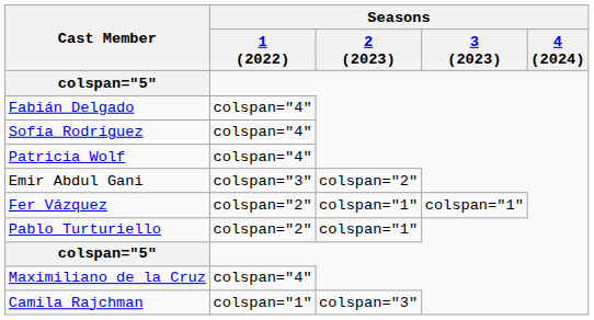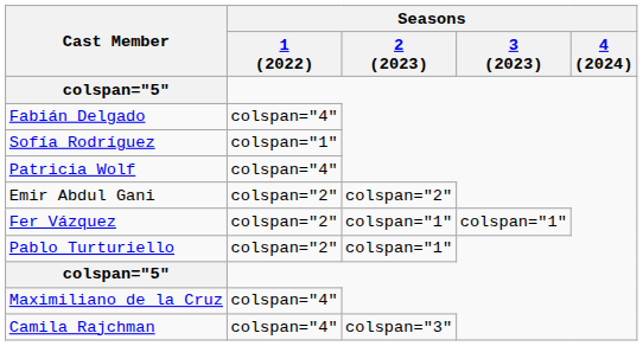 <table class="wikitable">
 <tr>
 <th rowspan="2">Cast Member</th>
 <th colspan="4">Seasons</th>
 </tr>
 <tr>
 <th><a href='#'>1</a><br>(2022)</th>
 <th><a href='#'>2</a><br>(2023)</th>
 <th><a href='#'>3</a><br>(2023)</th>
 <th><a href='#'>4</a><br>(2024)</th>
 </tr>
 <tr>
 <th>colspan="5" </th>
 </tr>
 <tr>
 <td><a href='#'>Fabián Delgado</a></td>
 <td>colspan="4" </td>
 </tr>
 <tr>
 <td><a href='#'>Sofía Rodríguez</a></td>
-<td>colspan="4" </td>
+<td>colspan="1" </td>
 </tr>
 <tr>
 <td><a href='#'>Patricia Wolf</a></td>
 <td>colspan="4" </td>
 </tr>
 <tr>
 <td>Emir Abdul Gani</td>
-<td>colspan="3" </td>
+<td>colspan="2" </td>
 <td>colspan="2" </td>
 </tr>
 <tr>
 <td><a href='#'>Fer Vázquez</a></td>
 <td>colspan="2" </td>
 <td>colspan="1" </td>
 <td>colspan="1" </td>
 </tr>
 <tr>
 <td><a href='#'>Pablo Turturiello</a></td>
 <td>colspan="2" </td>
 <td>colspan="1" </td>
 </tr>
 <tr>
 <th>colspan="5" </th>
 </tr>
 <tr>
 <td><a href='#'>Maximiliano de la Cruz</a></td>
 <td>colspan="4" </td>
 </tr>
 <tr>
 <td><a href='#'>Camila Rajchman</a></td>
-<td>colspan="1" </td>
+<td>colspan="4" </td>
 <td>colspan="3" </td>
 </tr>
 </table>
